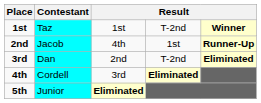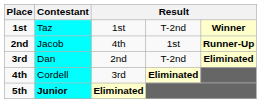 <table class="wikitable">
 <tr>
 <th>Place</th>
 <th>Contestant</th>
 <th colspan="14" align="center">Result</th>
 </tr>
 <tr>
 <td align="center"><strong>1st</strong></td>
 <td bgcolor="cyan">Taz</td>
 <td align="center">1st</td>
 <td align="center">T-2nd</td>
 <td bgcolor="FFFFCC" align="center"><strong>Winner</strong></td>
 </tr>
 <tr>
 <td align="center"><strong>2nd</strong></td>
 <td bgcolor="cyan">Jacob</td>
 <td align="center">4th</td>
 <td align="center">1st</td>
 <td bgcolor="FFFFCC" align="center"><strong>Runner-Up</strong></td>
 </tr>
 <tr>
 <td align="center"><strong>3rd</strong></td>
 <td bgcolor="cyan">Dan</td>
 <td align="center">2nd</td>
 <td align="center">T-2nd</td>
 <td bgcolor="FFFFCC" align="center"><strong>Eliminated</strong></td>
 </tr>
 <tr>
 <td align="center"><strong>4th</strong></td>
 <td bgcolor="cyan">Cordell</td>
 <td align="center">3rd</td>
 <td bgcolor="FFFFCC" align="center"><strong>Eliminated</strong></td>
 <td colspan="1" bgcolor="666666"></td>
 </tr>
 <tr>
 <td align="center"><strong>5th</strong></td>
-<td bgcolor="cyan">Junior</td>
+<td bgcolor="cyan"><strong>Junior</strong></td>
 <td bgcolor="FFFFCC" align="center"><strong>Eliminated</strong></td>
 <td colspan="2" bgcolor="666666"></td>
 </tr>
 </table>
